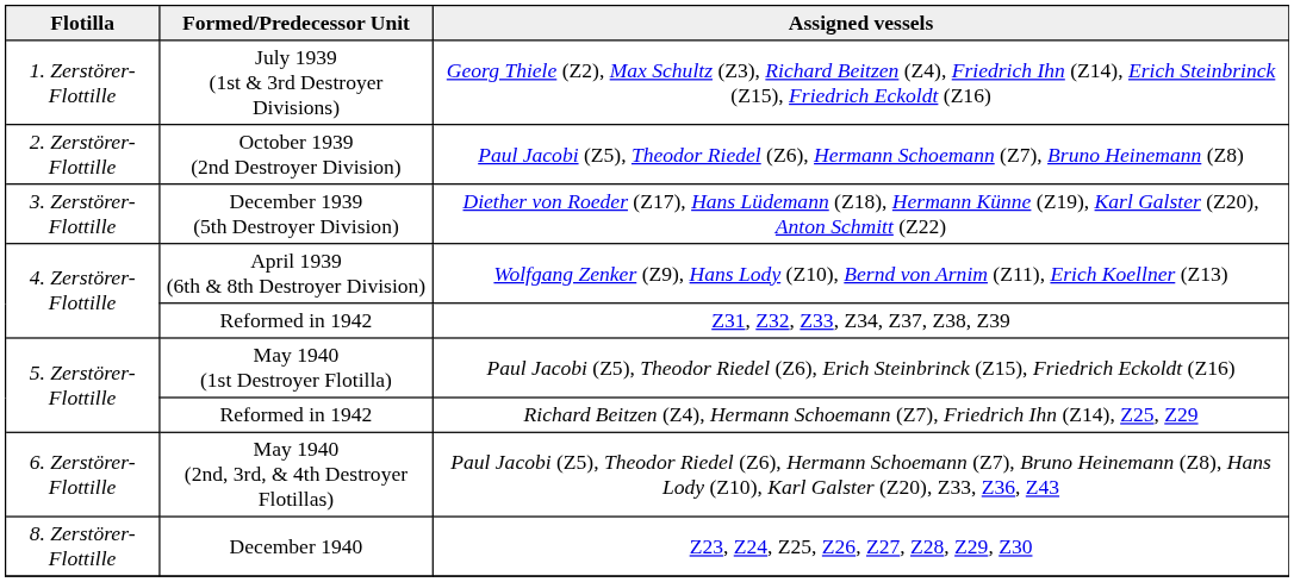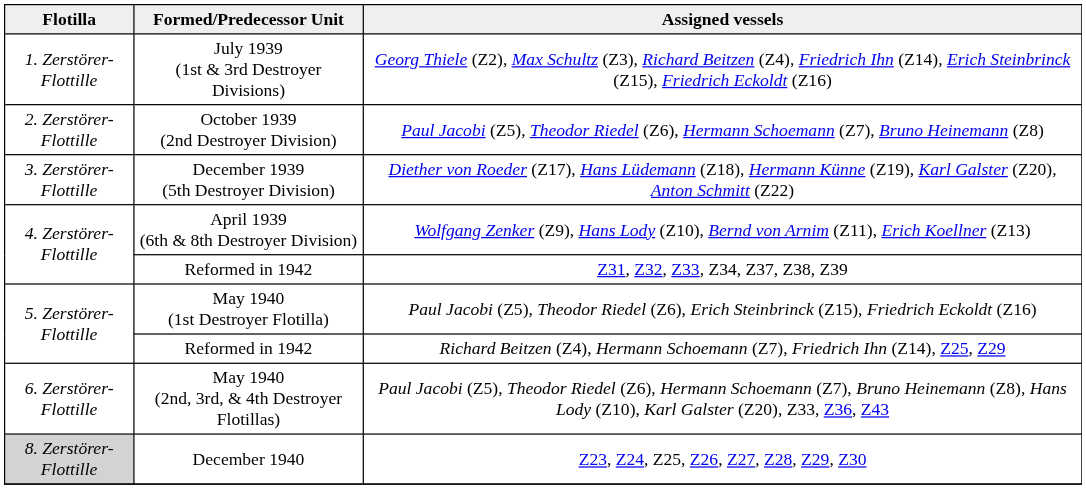 <table align="center" border="1" cellpadding="3" cellspacing="0" style="font-size: 90%; border: black solid 1px; border-collapse: collapse; text-align: middle;">
 <tr>
 <th bgcolor="#efefef">Flotilla</th>
 <th bgcolor="#efefef">Formed/Predecessor Unit</th>
 <th bgcolor="#efefef">Assigned vessels</th>
 </tr>
 <tr>
 <td align="center"><em>1. Zerstörer-Flottille</em></td>
 <td align="center">July 1939<br>(1st & 3rd Destroyer Divisions)</td>
 <td align="center"><a href='#'><em>Georg Thiele</em></a> (Z2), <a href='#'><em>Max Schultz</em></a> (Z3), <a href='#'><em>Richard Beitzen</em></a> (Z4), <a href='#'><em>Friedrich Ihn</em></a> (Z14), <a href='#'><em>Erich Steinbrinck</em></a> (Z15), <a href='#'><em>Friedrich Eckoldt</em></a> (Z16)</td>
 </tr>
 <tr>
 <td align="center"><em>2. Zerstörer-Flottille</em></td>
 <td align="center">October 1939<br>(2nd Destroyer Division)</td>
 <td align="center"><a href='#'><em>Paul Jacobi</em></a> (Z5), <a href='#'><em>Theodor Riedel</em></a> (Z6), <a href='#'><em>Hermann Schoemann</em></a> (Z7), <a href='#'><em>Bruno Heinemann</em></a> (Z8)</td>
 </tr>
 <tr>
 <td align="center"><em>3. Zerstörer-Flottille</em></td>
 <td align="center">December 1939<br>(5th Destroyer Division)</td>
 <td align="center"><a href='#'><em>Diether von Roeder</em></a> (Z17), <a href='#'><em>Hans Lüdemann</em></a> (Z18), <a href='#'><em>Hermann Künne</em></a> (Z19), <a href='#'><em>Karl Galster</em></a> (Z20), <a href='#'><em>Anton Schmitt</em></a> (Z22)</td>
 </tr>
 <tr>
 <td rowspan=2 align="center"><em>4. Zerstörer-Flottille</em></td>
 <td align="center">April 1939<br>(6th & 8th Destroyer Division)</td>
 <td align="center"><a href='#'><em>Wolfgang Zenker</em></a> (Z9), <a href='#'><em>Hans Lody</em></a> (Z10), <a href='#'><em>Bernd von Arnim</em></a> (Z11), <a href='#'><em>Erich Koellner</em></a> (Z13)</td>
 </tr>
 <tr>
 <td align="center">Reformed in 1942</td>
 <td align="center"><a href='#'>Z31</a>, <a href='#'>Z32</a>, <a href='#'>Z33</a>, Z34, Z37, Z38, Z39</td>
 </tr>
 <tr>
 <td rowspan=2 align="center"><em>5. Zerstörer-Flottille</em></td>
 <td align="center">May 1940<br>(1st Destroyer Flotilla)</td>
 <td align="center"><em>Paul Jacobi</em> (Z5), <em>Theodor Riedel</em> (Z6), <em>Erich Steinbrinck</em> (Z15), <em>Friedrich Eckoldt</em> (Z16)</td>
 </tr>
 <tr>
 <td align="center">Reformed in 1942</td>
 <td align="center"><em>Richard Beitzen</em> (Z4), <em>Hermann Schoemann</em> (Z7), <em>Friedrich Ihn</em> (Z14), <a href='#'>Z25</a>, <a href='#'>Z29</a></td>
 </tr>
 <tr>
 <td align="center"><em>6. Zerstörer-Flottille</em></td>
 <td align="center">May 1940<br>(2nd, 3rd, & 4th Destroyer Flotillas)</td>
 <td align="center"><em>Paul Jacobi</em> (Z5), <em>Theodor Riedel</em> (Z6), <em>Hermann Schoemann</em> (Z7), <em>Bruno Heinemann</em> (Z8), <em>Hans Lody</em> (Z10), <em>Karl Galster</em> (Z20), Z33, <a href='#'>Z36</a>, <a href='#'>Z43</a></td>
 </tr>
 <tr>
-<td align="center"><em>8. Zerstörer-Flottille</em></td>
+<td align="center" style="background: lightgrey;"><em>8. Zerstörer-Flottille</em></td>
 <td align="center">December 1940</td>
 <td align="center"><a href='#'>Z23</a>, <a href='#'>Z24</a>, Z25, <a href='#'>Z26</a>, <a href='#'>Z27</a>, <a href='#'>Z28</a>, <a href='#'>Z29</a>, <a href='#'>Z30</a></td>
 </tr>
 <tr>
 </tr>
 </table>
